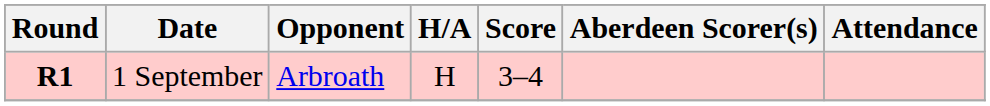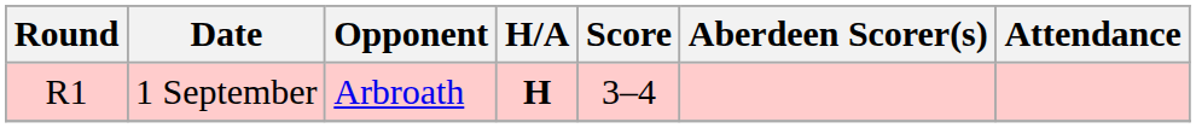 <table class="wikitable" style="text-align:center">
 <tr>
 <th>Round</th>
 <th>Date</th>
 <th>Opponent</th>
 <th>H/A</th>
 <th>Score</th>
 <th>Aberdeen Scorer(s)</th>
 <th>Attendance</th>
 </tr>
 <tr bgcolor=#FFCCCC>
-<td><strong>R1</strong></td>
+<td>R1</td>
 <td align=left>1 September</td>
 <td align=left><a href='#'>Arbroath</a></td>
-<td>H</td>
+<td><strong>H</strong></td>
 <td>3–4</td>
 <td align=left></td>
 <td></td>
 </tr>
 <tr>
 </tr>
 </table>
